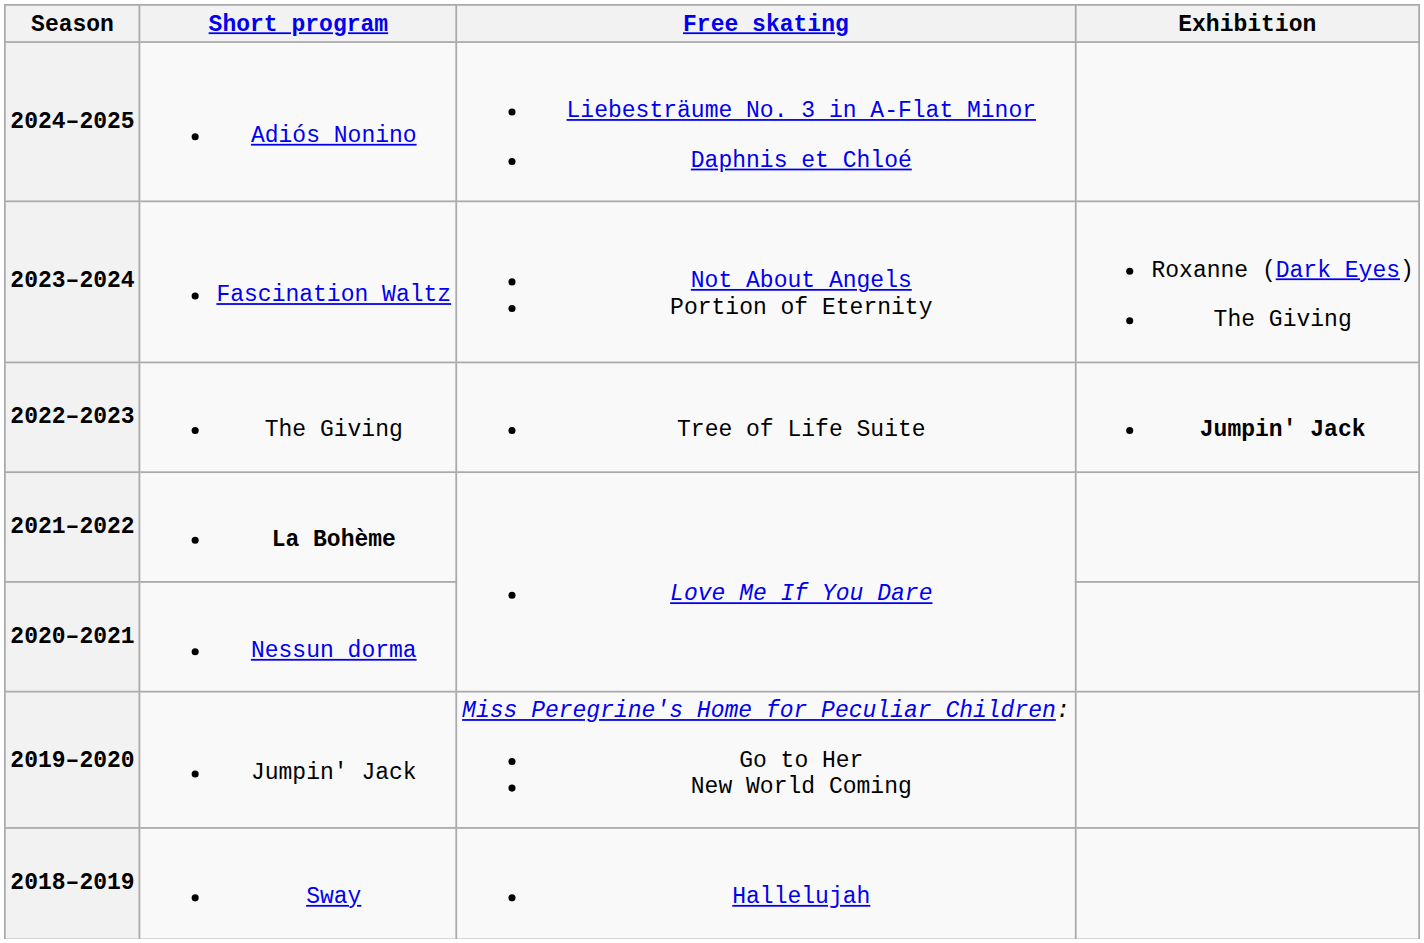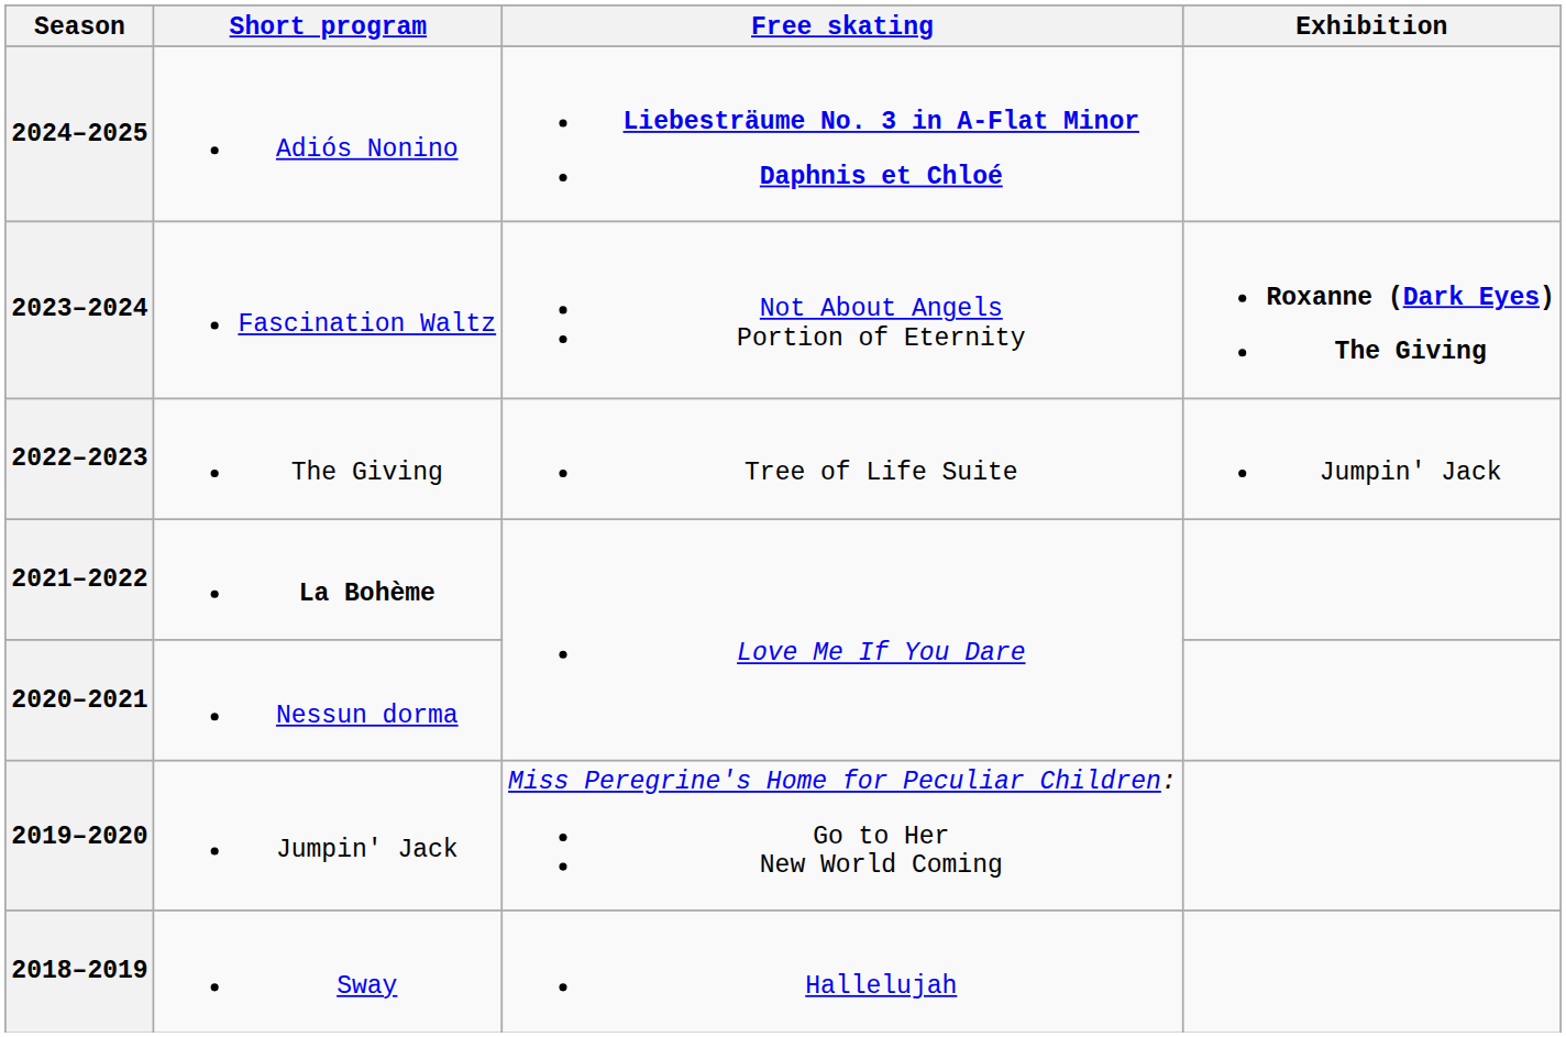 <table class=wikitable style=text-align:center>
 <tr>
 <th>Season</th>
 <th><a href='#'>Short program</a></th>
 <th><a href='#'>Free skating</a></th>
 <th>Exhibition</th>
 </tr>
 <tr>
 <th>2024–2025<br></th>
 <td><br><ul><li><a href='#'>Adiós Nonino</a> <br></li></ul></td>
-<td><br><ul><li><a href='#'>Liebesträume No. 3 in A-Flat Minor</a> <br> </li></ul><ul><li><a href='#'>Daphnis et Chloé</a> <br></li></ul></td>
+<td><strong><br><ul><li><a href='#'>Liebesträume No. 3 in A-Flat Minor</a> <br> </li></ul><ul><li><a href='#'>Daphnis et Chloé</a> <br></li></ul></strong></td>
 <td></td>
 </tr>
 <tr>
 <th>2023–2024 <br> </th>
 <td><br><ul><li><a href='#'>Fascination Waltz</a> <br></li></ul></td>
 <td><br><ul><li><a href='#'>Not About Angels</a> <br> </li><li>Portion of Eternity <br></li></ul></td>
-<td><br><ul><li>Roxanne (<a href='#'>Dark Eyes</a>)<br></li></ul><ul><li>The Giving <br></li></ul></td>
+<td><strong><br><ul><li>Roxanne (<a href='#'>Dark Eyes</a>)<br></li></ul><ul><li>The Giving <br></li></ul></strong></td>
 </tr>
 <tr>
 <th>2022–2023 <br> </th>
 <td><br><ul><li>The Giving <br></li></ul></td>
 <td><br><ul><li>Tree of Life Suite<br></li></ul></td>
-<td><strong><br><ul><li>Jumpin' Jack <br> </li></ul></strong></td>
+<td><br><ul><li>Jumpin' Jack <br> </li></ul></td>
 </tr>
 <tr>
 <th>2021–2022 <br> </th>
 <td><strong><br><ul><li>La Bohème <br></li></ul></strong></td>
 <td rowspan=2><br><ul><li><em><a href='#'>Love Me If You Dare</a></em> <br></li></ul></td>
 <td></td>
 </tr>
 <tr>
 <th>2020–2021</th>
 <td><br><ul><li><a href='#'>Nessun dorma</a> <br></li></ul></td>
 <td></td>
 </tr>
 <tr>
 <th>2019–2020</th>
 <td><br><ul><li>Jumpin' Jack <br> </li></ul></td>
 <td><em><a href='#'>Miss Peregrine's Home for Peculiar Children</a>:</em><br><ul><li>Go to Her <br></li><li>New World Coming <br></li></ul></td>
 <td></td>
 </tr>
 <tr>
 <th>2018–2019</th>
 <td><br><ul><li><a href='#'>Sway</a> <br></li></ul></td>
 <td><br><ul><li><a href='#'>Hallelujah</a><br></li></ul></td>
 <td></td>
 </tr>
 </table>
